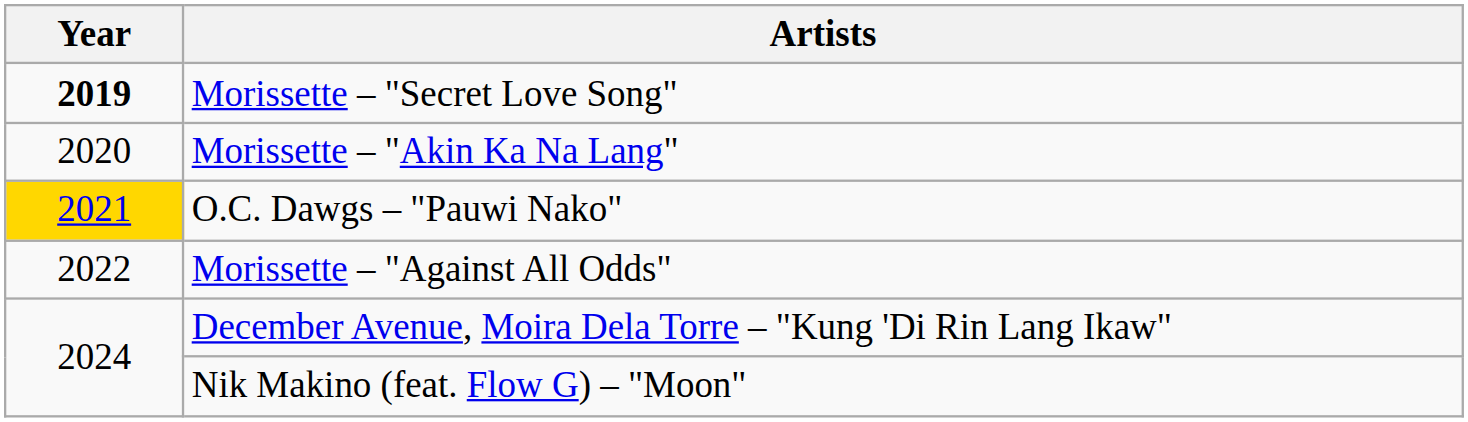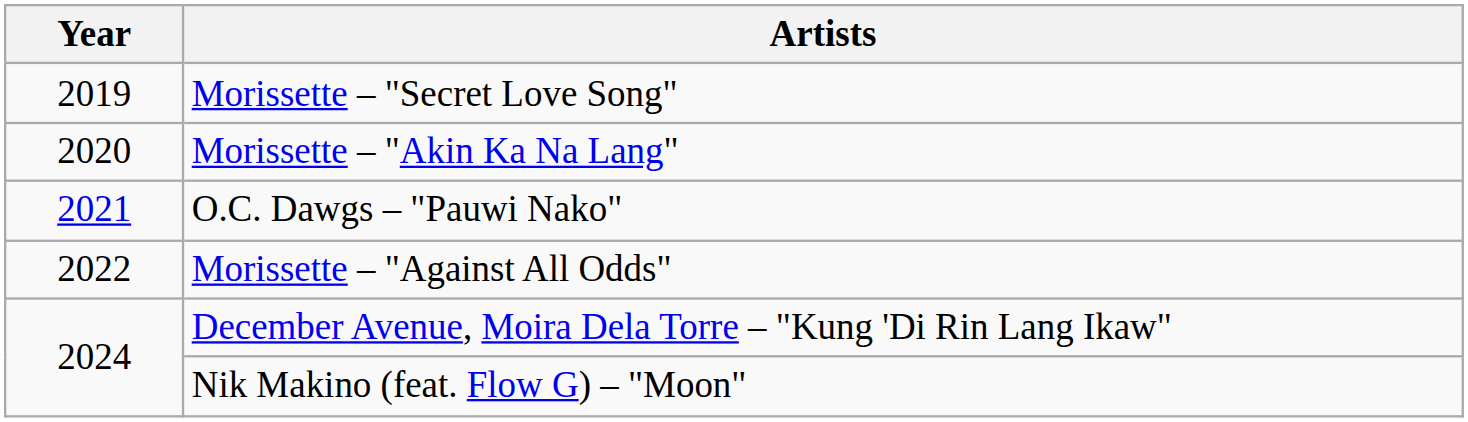 <table class="wikitable sortable"  style="width:50%;">
 <tr>
 <th width=5%  scope="col">Year</th>
 <th ! width=40%  scope="col">Artists</th>
 </tr>
 <tr>
-<td align="center"><strong>2019</strong></td>
+<td align="center">2019</td>
 <td><a href='#'>Morissette</a> –  "Secret Love Song"</td>
 </tr>
 <tr>
 <td align="center">2020</td>
 <td><a href='#'>Morissette</a> – "<a href='#'>Akin Ka Na Lang</a>"</td>
 </tr>
 <tr>
-<td align="center" style="background: gold;"><a href='#'>2021</a></td>
+<td align="center"><a href='#'>2021</a></td>
 <td>O.C. Dawgs – "Pauwi Nako"</td>
 </tr>
 <tr>
 <td align="center">2022</td>
 <td><a href='#'>Morissette</a> – "Against All Odds"</td>
 </tr>
 <tr>
 <td align="center" rowspan=2>2024</td>
 <td><a href='#'>December Avenue</a>, <a href='#'>Moira Dela Torre</a> – "Kung 'Di Rin Lang Ikaw"</td>
 </tr>
 <tr>
 <td>Nik Makino (feat. <a href='#'>Flow G</a>) – "Moon"</td>
 </tr>
 </table>
